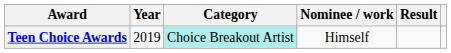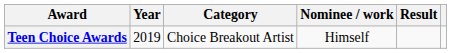 <table class="wikitable plainrowheaders" style="text-align:center;">
 <tr>
 <th scope="col">Award</th>
 <th scope="col">Year</th>
 <th scope="col">Category</th>
 <th scope="col">Nominee / work</th>
 <th scope="col">Result</th>
 <th scope="col"></th>
 </tr>
 <tr>
 <th scope="row"><a href='#'>Teen Choice Awards</a></th>
 <td rowspan="2">2019</td>
-<td style="background: paleturquoise;">Choice Breakout Artist</td>
+<td>Choice Breakout Artist</td>
 <td rowspan="2">Himself</td>
 <td></td>
 <td></td>
 </tr>
 </table>
